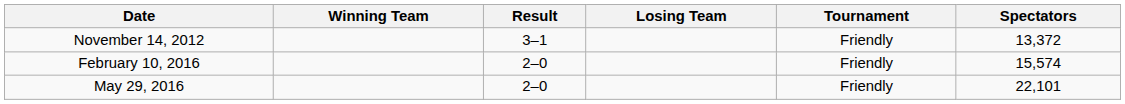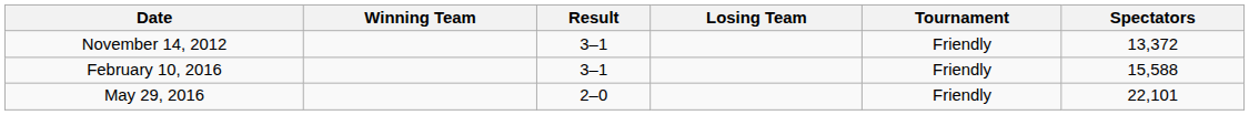 <table class="wikitable" style="text-align:left; width:95%;" style="text-align:center">
 <tr>
 <th style="text-align:center; ">Date</th>
 <th style="text-align:center; ">Winning Team</th>
 <th style="text-align:center; ">Result</th>
 <th style="text-align:center; ">Losing Team</th>
 <th style="text-align:center; ">Tournament</th>
 <th style="text-align:center; ">Spectators</th>
 </tr>
 <tr>
 <td style="text-align:center;">November 14, 2012</td>
 <td><strong></strong></td>
 <td style="text-align:center;">3–1</td>
 <td></td>
 <td style="text-align:center;">Friendly</td>
 <td style="text-align:center;">13,372</td>
 </tr>
 <tr>
 <td style="text-align:center;">February 10, 2016</td>
 <td><strong></strong></td>
-<td style="text-align:center;">2–0</td>
+<td style="text-align:center;">3–1</td>
 <td></td>
 <td style="text-align:center;">Friendly</td>
-<td style="text-align:center;">15,574</td>
+<td style="text-align:center;">15,588</td>
 </tr>
 <tr>
 <td style="text-align:center;">May 29, 2016</td>
 <td><strong></strong></td>
 <td style="text-align:center;">2–0</td>
 <td></td>
 <td style="text-align:center;">Friendly</td>
 <td style="text-align:center;">22,101</td>
 </tr>
 </table>
